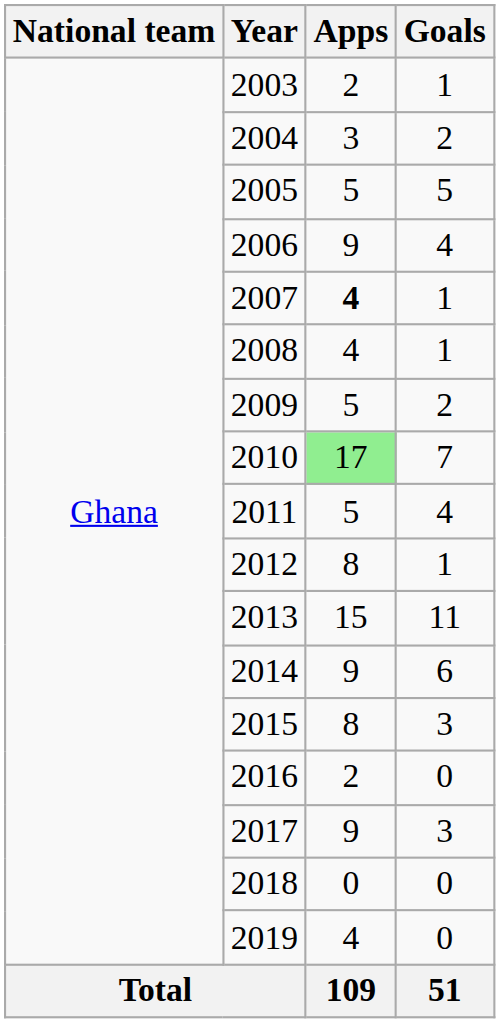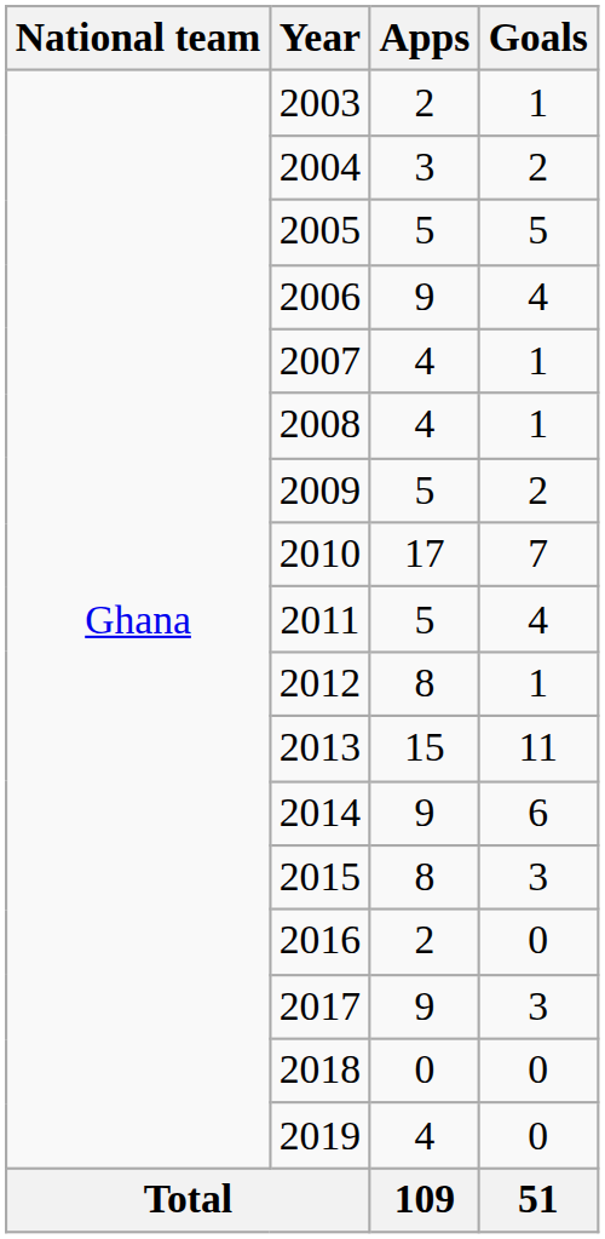 <table class="wikitable" style="text-align:center">
 <tr>
 <th>National team</th>
 <th>Year</th>
 <th>Apps</th>
 <th>Goals</th>
 </tr>
 <tr>
 <td rowspan="17"><a href='#'>Ghana</a></td>
 <td>2003</td>
 <td>2</td>
 <td>1</td>
 </tr>
 <tr>
 <td>2004</td>
 <td>3</td>
 <td>2</td>
 </tr>
 <tr>
 <td>2005</td>
 <td>5</td>
 <td>5</td>
 </tr>
 <tr>
 <td>2006</td>
 <td>9</td>
 <td>4</td>
 </tr>
 <tr>
 <td>2007</td>
-<td><strong>4</strong></td>
+<td>4</td>
 <td>1</td>
 </tr>
 <tr>
 <td>2008</td>
 <td>4</td>
 <td>1</td>
 </tr>
 <tr>
 <td>2009</td>
 <td>5</td>
 <td>2</td>
 </tr>
 <tr>
 <td>2010</td>
-<td style="background: lightgreen;">17</td>
+<td>17</td>
 <td>7</td>
 </tr>
 <tr>
 <td>2011</td>
 <td>5</td>
 <td>4</td>
 </tr>
 <tr>
 <td>2012</td>
 <td>8</td>
 <td>1</td>
 </tr>
 <tr>
 <td>2013</td>
 <td>15</td>
 <td>11</td>
 </tr>
 <tr>
 <td>2014</td>
 <td>9</td>
 <td>6</td>
 </tr>
 <tr>
 <td>2015</td>
 <td>8</td>
 <td>3</td>
 </tr>
 <tr>
 <td>2016</td>
 <td>2</td>
 <td>0</td>
 </tr>
 <tr>
 <td>2017</td>
 <td>9</td>
 <td>3</td>
 </tr>
 <tr>
 <td>2018</td>
 <td>0</td>
 <td>0</td>
 </tr>
 <tr>
 <td>2019</td>
 <td>4</td>
 <td>0</td>
 </tr>
 <tr>
 <th colspan="2">Total</th>
 <th>109</th>
 <th>51</th>
 </tr>
 </table>
